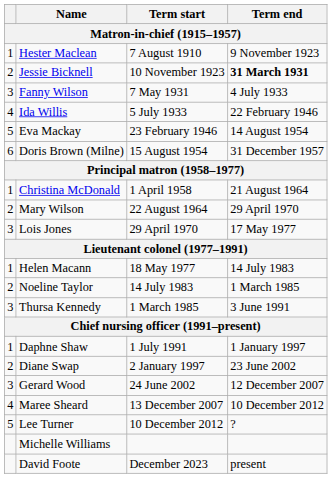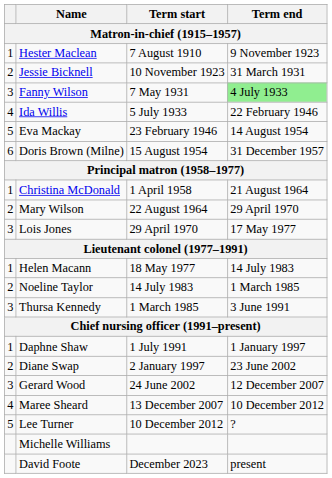 <table class="wikitable">
 <tr>
 <th></th>
 <th>Name</th>
 <th>Term start</th>
 <th>Term end</th>
 </tr>
 <tr>
 <th colspan=4>Matron-in-chief (1915–1957)</th>
 </tr>
 <tr>
 <td align=center>1</td>
 <td><a href='#'>Hester Maclean</a><br></td>
 <td>7 August 1910</td>
 <td>9 November 1923</td>
 </tr>
 <tr>
 <td align=center>2</td>
 <td><a href='#'>Jessie Bicknell</a><br></td>
 <td>10 November 1923</td>
-<td><strong>31 March 1931</strong></td>
+<td>31 March 1931</td>
 </tr>
 <tr>
 <td align=center>3</td>
 <td><a href='#'>Fanny Wilson</a><br></td>
 <td>7 May 1931</td>
-<td>4 July 1933</td>
+<td style="background: lightgreen;">4 July 1933</td>
 </tr>
 <tr>
 <td align=center>4</td>
 <td><a href='#'>Ida Willis</a><br>  </td>
 <td>5 July 1933</td>
 <td>22 February 1946</td>
 </tr>
 <tr>
 <td align=center>5</td>
 <td>Eva Mackay<br></td>
 <td>23 February 1946</td>
 <td>14 August 1954</td>
 </tr>
 <tr>
 <td align=center>6</td>
 <td>Doris Brown (Milne)<br></td>
 <td>15 August 1954</td>
 <td>31 December 1957</td>
 </tr>
 <tr>
 <th colspan=4>Principal matron (1958–1977)</th>
 </tr>
 <tr>
 <td align=center>1</td>
 <td><a href='#'>Christina McDonald</a><br></td>
 <td>1 April 1958</td>
 <td>21 August 1964</td>
 </tr>
 <tr>
 <td align=center>2</td>
 <td>Mary Wilson<br></td>
 <td>22 August 1964</td>
 <td>29 April 1970</td>
 </tr>
 <tr>
 <td align=center>3</td>
 <td>Lois Jones<br></td>
 <td>29 April 1970</td>
 <td>17 May 1977</td>
 </tr>
 <tr>
 <th colspan=4>Lieutenant colonel (1977–1991)</th>
 </tr>
 <tr>
 <td align=center>1</td>
 <td>Helen Macann<br></td>
 <td>18 May 1977</td>
 <td>14 July 1983</td>
 </tr>
 <tr>
 <td align=center>2</td>
 <td>Noeline Taylor<br></td>
 <td>14 July 1983</td>
 <td>1 March 1985</td>
 </tr>
 <tr>
 <td align=center>3</td>
 <td>Thursa Kennedy<br></td>
 <td>1 March 1985</td>
 <td>3 June 1991</td>
 </tr>
 <tr>
 <th colspan=4>Chief nursing officer (1991–present)</th>
 </tr>
 <tr>
 <td align=center>1</td>
 <td>Daphne Shaw<br></td>
 <td>1 July 1991</td>
 <td>1 January 1997</td>
 </tr>
 <tr>
 <td align=center>2</td>
 <td>Diane Swap<br></td>
 <td>2 January 1997</td>
 <td>23 June 2002</td>
 </tr>
 <tr>
 <td align=center>3</td>
 <td>Gerard Wood<br></td>
 <td>24 June 2002</td>
 <td>12 December 2007</td>
 </tr>
 <tr>
 <td align=center>4</td>
 <td>Maree Sheard</td>
 <td>13 December 2007</td>
 <td>10 December 2012</td>
 </tr>
 <tr>
 <td align=center>5</td>
 <td>Lee Turner</td>
 <td>10 December 2012</td>
 <td>?</td>
 </tr>
 <tr>
 <td align=center></td>
 <td>Michelle Williams</td>
 <td></td>
 <td></td>
 </tr>
 <tr>
 <td align=center></td>
 <td>David Foote</td>
 <td>December 2023</td>
 <td>present</td>
 </tr>
 </table>
